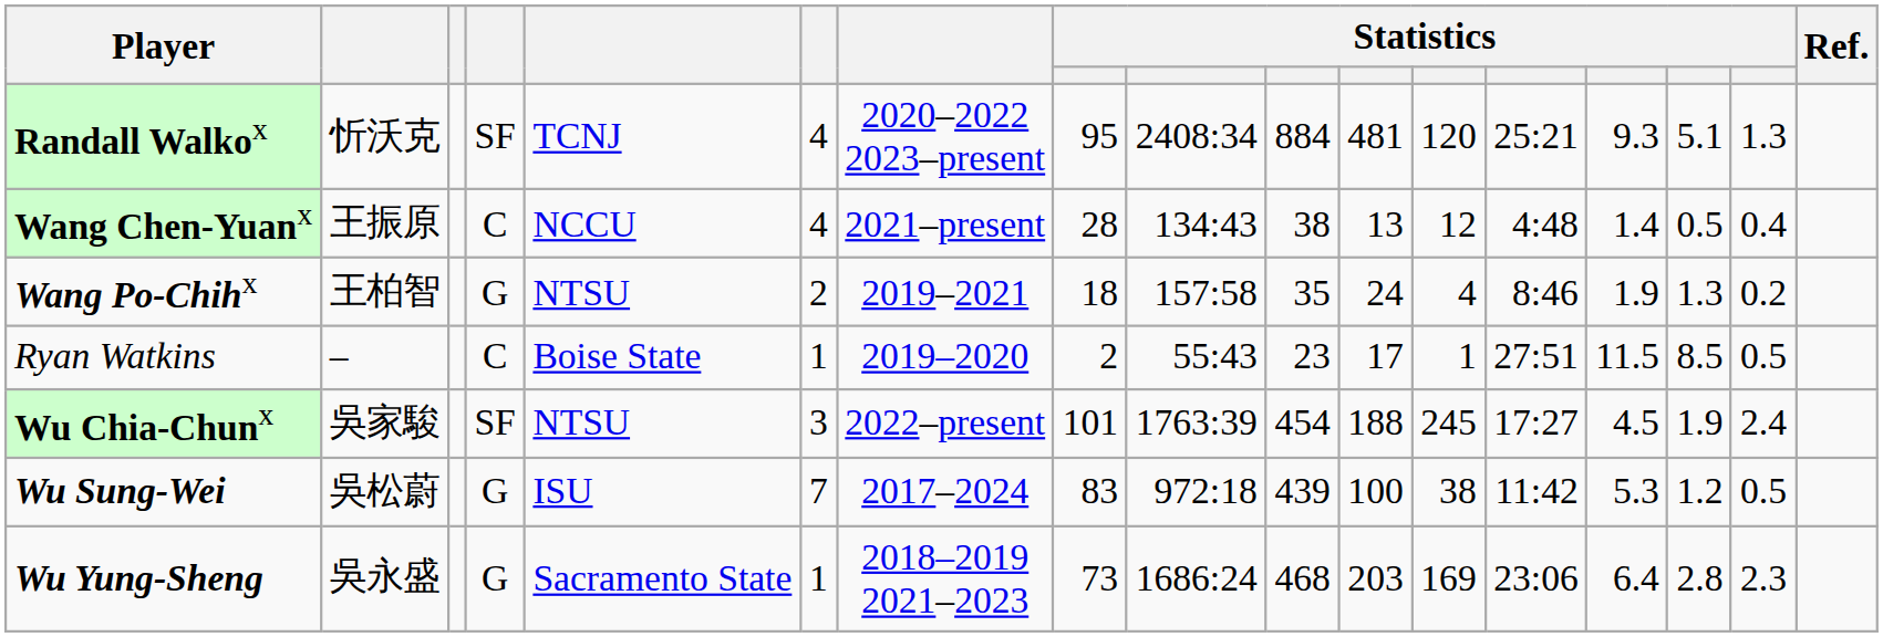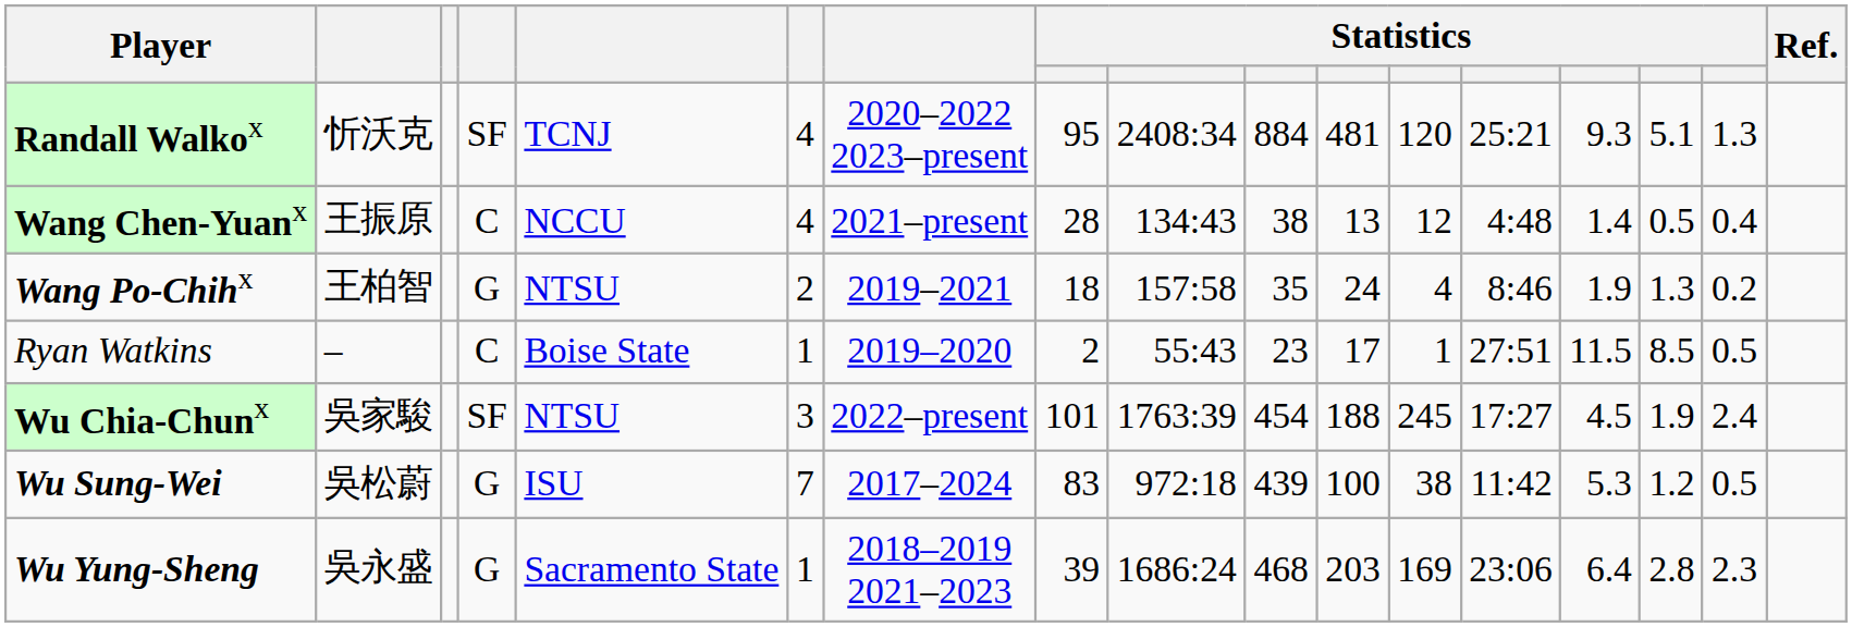 <table class="wikitable sortable" style="font-size:95%; text-align:right;">
 <tr>
 <th rowspan="2">Player</th>
 <th rowspan="2"></th>
 <th rowspan="2"></th>
 <th rowspan="2"></th>
 <th rowspan="2"></th>
 <th rowspan="2"></th>
 <th rowspan="2"></th>
 <th colspan="9">Statistics</th>
 <th rowspan="2">Ref.</th>
 </tr>
 <tr>
 <th></th>
 <th></th>
 <th></th>
 <th></th>
 <th></th>
 <th></th>
 <th></th>
 <th></th>
 <th></th>
 </tr>
 <tr>
 <td align="left" bgcolor="#CCFFCC"><strong>Randall Walko</strong><sup>x</sup></td>
 <td align="left">忻沃克</td>
 <td align="center"></td>
 <td align="center">SF</td>
 <td align="left"><a href='#'>TCNJ</a></td>
 <td align="center">4</td>
 <td align="center"><a href='#'>2020</a>–<a href='#'>2022</a><br><a href='#'>2023</a>–<a href='#'>present</a></td>
 <td>95</td>
 <td>2408:34</td>
 <td>884</td>
 <td>481</td>
 <td>120</td>
 <td>25:21</td>
 <td>9.3</td>
 <td>5.1</td>
 <td>1.3</td>
 <td align="center"></td>
 </tr>
 <tr>
 <td align="left" bgcolor="#CCFFCC"><strong>Wang Chen-Yuan</strong><sup>x</sup></td>
 <td align="left">王振原</td>
 <td align="center"></td>
 <td align="center">C</td>
 <td align="left"><a href='#'>NCCU</a></td>
 <td align="center">4</td>
 <td align="center"><a href='#'>2021</a>–<a href='#'>present</a></td>
 <td>28</td>
 <td>134:43</td>
 <td>38</td>
 <td>13</td>
 <td>12</td>
 <td>4:48</td>
 <td>1.4</td>
 <td>0.5</td>
 <td>0.4</td>
 <td align="center"></td>
 </tr>
 <tr>
 <td align="left"><strong><em>Wang Po-Chih</em></strong><sup>x</sup></td>
 <td align="left">王柏智</td>
 <td align="center"></td>
 <td align="center">G</td>
 <td align="left"><a href='#'>NTSU</a></td>
 <td align="center">2</td>
 <td align="center"><a href='#'>2019</a>–<a href='#'>2021</a></td>
 <td>18</td>
 <td>157:58</td>
 <td>35</td>
 <td>24</td>
 <td>4</td>
 <td>8:46</td>
 <td>1.9</td>
 <td>1.3</td>
 <td>0.2</td>
 <td align="center"></td>
 </tr>
 <tr>
 <td align="left"><em>Ryan Watkins</em></td>
 <td align="left">–</td>
 <td align="center"></td>
 <td align="center">C</td>
 <td align="left"><a href='#'>Boise State</a></td>
 <td align="center">1</td>
 <td align="center"><a href='#'>2019–2020</a></td>
 <td>2</td>
 <td>55:43</td>
 <td>23</td>
 <td>17</td>
 <td>1</td>
 <td>27:51</td>
 <td>11.5</td>
 <td>8.5</td>
 <td>0.5</td>
 <td align="center"></td>
 </tr>
 <tr>
 <td align="left" bgcolor="#CCFFCC"><strong>Wu Chia-Chun</strong><sup>x</sup></td>
 <td align="left">吳家駿</td>
 <td align="center"></td>
 <td align="center">SF</td>
 <td align="left"><a href='#'>NTSU</a></td>
 <td align="center">3</td>
 <td align="center"><a href='#'>2022</a>–<a href='#'>present</a></td>
 <td>101</td>
 <td>1763:39</td>
 <td>454</td>
 <td>188</td>
 <td>245</td>
 <td>17:27</td>
 <td>4.5</td>
 <td>1.9</td>
 <td>2.4</td>
 <td align="center"></td>
 </tr>
 <tr>
 <td align="left"><strong><em>Wu Sung-Wei</em></strong></td>
 <td align="left">吳松蔚</td>
 <td align="center"></td>
 <td align="center">G</td>
 <td align="left"><a href='#'>ISU</a></td>
 <td align="center">7</td>
 <td align="center"><a href='#'>2017</a>–<a href='#'>2024</a></td>
 <td>83</td>
 <td>972:18</td>
 <td>439</td>
 <td>100</td>
 <td>38</td>
 <td>11:42</td>
 <td>5.3</td>
 <td>1.2</td>
 <td>0.5</td>
 <td align="center"></td>
 </tr>
 <tr>
 <td align="left"><strong><em>Wu Yung-Sheng</em></strong></td>
 <td align="left">吳永盛</td>
 <td align="center"></td>
 <td align="center">G</td>
 <td align="left"><a href='#'>	Sacramento State</a></td>
 <td align="center">1</td>
 <td align="center"><a href='#'>2018–2019</a><br><a href='#'>2021</a>–<a href='#'>2023</a></td>
-<td>73</td>
+<td>39</td>
 <td>1686:24</td>
 <td>468</td>
 <td>203</td>
 <td>169</td>
 <td>23:06</td>
 <td>6.4</td>
 <td>2.8</td>
 <td>2.3</td>
 <td align="center"></td>
 </tr>
 </table>
